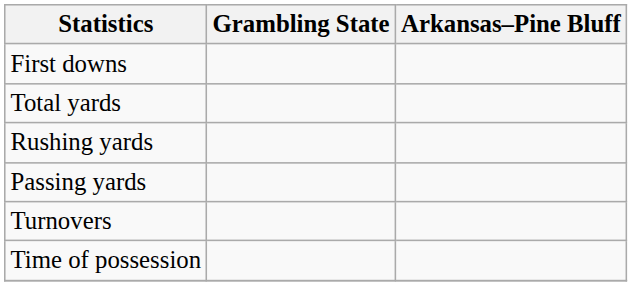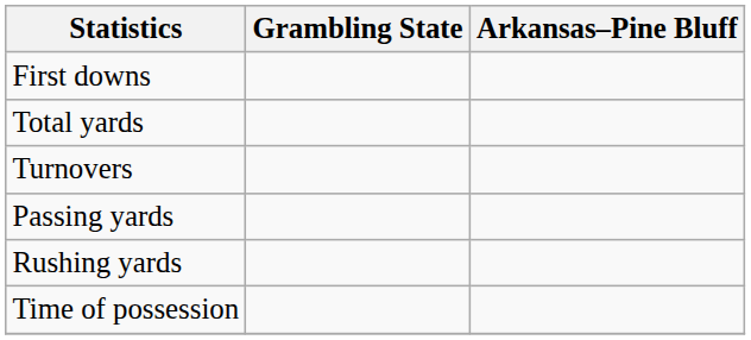 <table class="wikitable">
 <tr>
 <th>Statistics</th>
 <th>Grambling State</th>
 <th>Arkansas–Pine Bluff</th>
 </tr>
 <tr>
 <td>First downs</td>
 <td> </td>
 <td> </td>
 </tr>
 <tr>
 <td>Total yards</td>
 <td> </td>
 <td> </td>
 </tr>
 <tr>
-<td>Rushing yards</td>
+<td>Turnovers</td>
 <td> </td>
 <td> </td>
 </tr>
 <tr>
 <td>Passing yards</td>
 <td> </td>
 <td> </td>
 </tr>
 <tr>
-<td>Turnovers</td>
+<td>Rushing yards</td>
 <td> </td>
 <td> </td>
 </tr>
 <tr>
 <td>Time of possession</td>
 <td> </td>
 <td> </td>
 </tr>
 <tr>
 </tr>
 </table>
